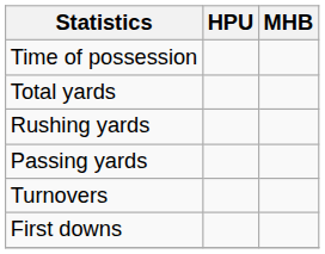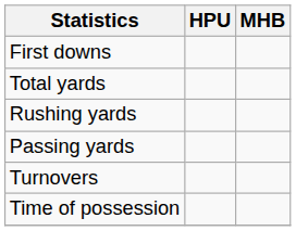 <table class="wikitable" style="float: left;">
 <tr>
 <th>Statistics</th>
 <th>HPU</th>
 <th>MHB</th>
 </tr>
 <tr>
-<td>Time of possession</td>
+<td>First downs</td>
 <td></td>
 <td></td>
 </tr>
 <tr>
 <td>Total yards</td>
 <td></td>
 <td></td>
 </tr>
 <tr>
 <td>Rushing yards</td>
 <td></td>
 <td></td>
 </tr>
 <tr>
 <td>Passing yards</td>
 <td></td>
 <td></td>
 </tr>
 <tr>
 <td>Turnovers</td>
 <td></td>
 <td></td>
 </tr>
 <tr>
-<td>First downs</td>
+<td>Time of possession</td>
 <td></td>
 <td></td>
 </tr>
 <tr>
 </tr>
 </table>
